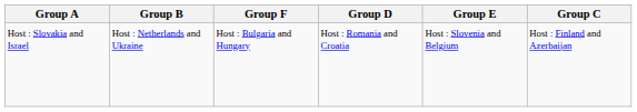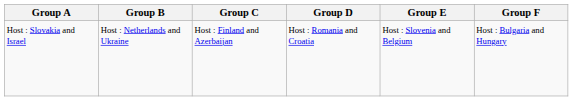 <table class="wikitable">
 <tr>
 <th width=16%>Group A</th>
 <th width=16%>Group B</th>
-<th width=16%>Group F</th>
+<th width=16%>Group C</th>
 <th width=16%>Group D</th>
 <th width=16%>Group E</th>
-<th width=16%>Group C</th>
+<th width=16%>Group F</th>
 </tr>
 <tr>
 <td><small>Host : <a href='#'>Slovakia</a> and <a href='#'>Israel</a></small><br> <br>  <br>  <br>  <br></td>
 <td><small>Host : <a href='#'>Netherlands</a> and <a href='#'>Ukraine</a></small><br> <br>  <br>  <br>  <br></td>
-<td><small>Host : <a href='#'>Bulgaria</a> and <a href='#'>Hungary</a></small><br> <br>  <br>  <br>  <br></td>
+<td><small>Host : <a href='#'>Finland</a> and <a href='#'>Azerbaijan</a></small><br> <br>  <br>  <br>  <br></td>
 <td><small>Host : <a href='#'>Romania</a> and <a href='#'>Croatia</a></small><br> <br>  <br>  <br>  <br></td>
 <td><small>Host : <a href='#'>Slovenia</a> and <a href='#'>Belgium</a></small><br> <br>  <br>  <br>  <br></td>
-<td><small>Host : <a href='#'>Finland</a> and <a href='#'>Azerbaijan</a></small><br> <br>  <br>  <br>  <br></td>
+<td><small>Host : <a href='#'>Bulgaria</a> and <a href='#'>Hungary</a></small><br> <br>  <br>  <br>  <br></td>
 </tr>
 </table>
